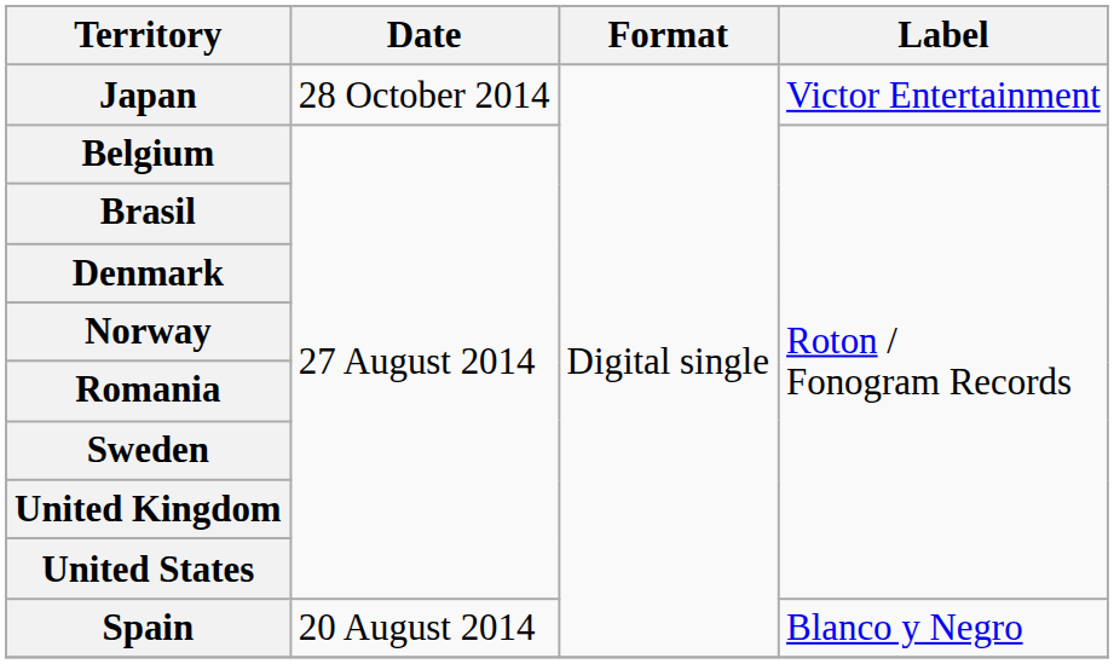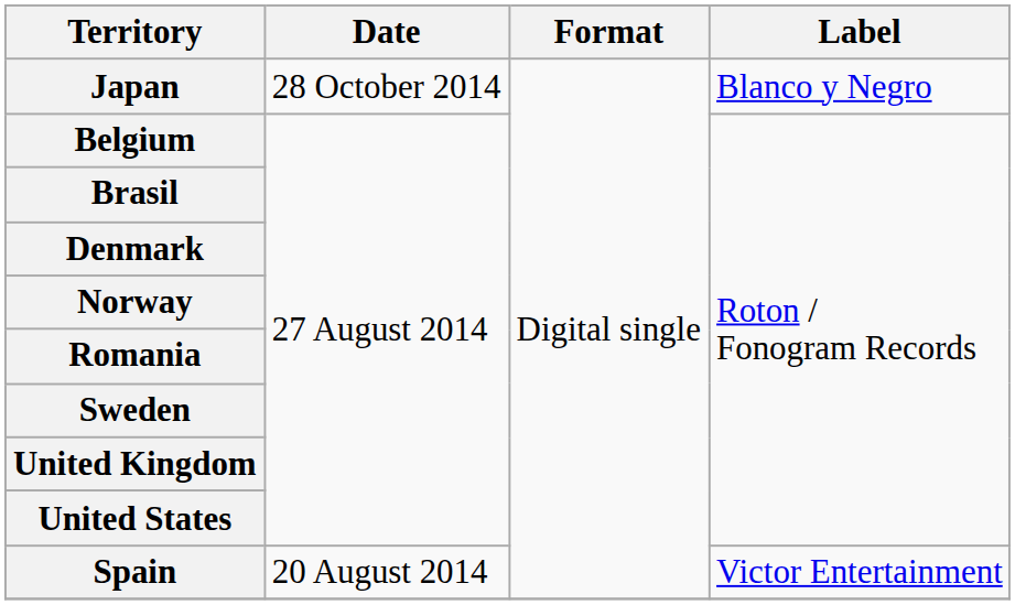 <table class="wikitable plainrowheaders unsortable">
 <tr>
 <th>Territory</th>
 <th>Date</th>
 <th>Format</th>
 <th>Label</th>
 </tr>
 <tr>
 <th scope="row">Japan</th>
 <td>28 October 2014</td>
 <td rowspan="10">Digital single</td>
-<td rowspan="1"><a href='#'>Victor Entertainment</a></td>
+<td><a href='#'>Blanco y Negro</a></td>
 </tr>
 <tr>
 <th scope="row">Belgium</th>
 <td rowspan="8">27 August 2014</td>
 <td rowspan="8"><a href='#'>Roton</a> / <br>Fonogram Records</td>
 </tr>
 <tr>
 <th scope="row">Brasil</th>
 </tr>
 <tr>
 <th scope="row">Denmark</th>
 </tr>
 <tr>
 <th scope="row">Norway</th>
 </tr>
 <tr>
 <th scope="row">Romania</th>
 </tr>
 <tr>
 <th scope="row">Sweden</th>
 </tr>
 <tr>
 <th scope="row">United Kingdom</th>
 </tr>
 <tr>
 <th scope="row">United States</th>
 </tr>
 <tr>
 <th scope="row">Spain</th>
 <td rowspan="1">20 August 2014</td>
-<td><a href='#'>Blanco y Negro</a></td>
+<td rowspan="1"><a href='#'>Victor Entertainment</a></td>
 </tr>
 <tr>
 </tr>
 </table>
